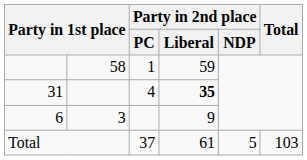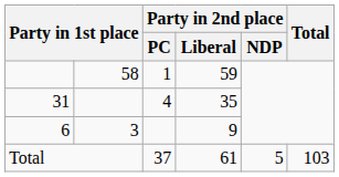 <table class="wikitable" style="text-align:right;">
 <tr>
 <th rowspan="2" colspan="2" style="text-align:left;">Party in 1st place</th>
 <th colspan="3">Party in 2nd place</th>
 <th rowspan="2">Total</th>
 </tr>
 <tr>
 <th>PC</th>
 <th>Liberal</th>
 <th>NDP</th>
 </tr>
 <tr>
 <td></td>
 <td>58</td>
 <td>1</td>
 <td>59</td>
 </tr>
 <tr>
 <td>31</td>
 <td></td>
 <td>4</td>
-<td><strong>35</strong></td>
+<td>35</td>
 </tr>
 <tr>
 <td>6</td>
 <td>3</td>
 <td></td>
 <td>9</td>
 </tr>
 <tr>
 <td colspan="2" style="text-align:left;">Total</td>
 <td>37</td>
 <td>61</td>
 <td>5</td>
 <td>103</td>
 </tr>
 </table>
